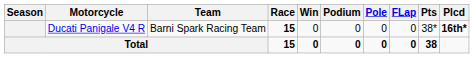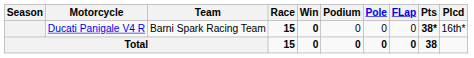 <table class="wikitable" style="text-align:right;">
 <tr>
 <th>Season</th>
 <th>Motorcycle</th>
 <th>Team</th>
 <th>Race</th>
 <th>Win</th>
 <th>Podium</th>
 <th><a href='#'>Pole</a></th>
 <th><a href='#'>FLap</a></th>
 <th>Pts</th>
 <th>Plcd</th>
 </tr>
 <tr>
 <th></th>
 <td style="text-align:left;"><a href='#'>Ducati Panigale V4 R</a></td>
 <td style="text-align:left;">Barni Spark Racing Team</td>
 <td><strong>15</strong></td>
+<td><strong>0</strong></td>
 <td>0</td>
 <td>0</td>
 <td>0</td>
-<td>0</td>
-<td>38*</td>
-<td><strong>16th*</strong></td>
+<td><strong>38*</strong></td>
+<td>16th*</td>
 </tr>
 <tr>
 <th colspan="3">Total</th>
 <td><strong>15</strong></td>
 <td><strong>0</strong></td>
 <td><strong>0</strong></td>
 <td><strong>0</strong></td>
 <td><strong>0</strong></td>
 <td><strong>38</strong></td>
 <td></td>
 </tr>
 </table>
